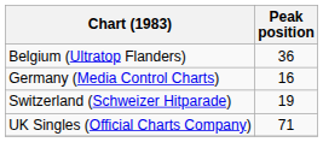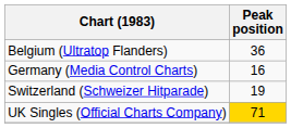 <table class="wikitable sortable">
 <tr>
 <th style="text-align:center;">Chart (1983)</th>
 <th style="text-align:center;">Peak<br>position</th>
 </tr>
 <tr>
 <td>Belgium (<a href='#'>Ultratop</a> Flanders)</td>
 <td align= "center">36</td>
 </tr>
 <tr>
 <td>Germany (<a href='#'>Media Control Charts</a>)</td>
 <td align= "center">16</td>
 </tr>
 <tr>
 <td>Switzerland (<a href='#'>Schweizer Hitparade</a>)</td>
 <td align= "center">19</td>
 </tr>
 <tr>
 <td>UK Singles (<a href='#'>Official Charts Company</a>)</td>
-<td align= "center">71</td>
+<td align= "center" style="background: gold;">71</td>
 </tr>
 <tr>
 </tr>
 </table>
